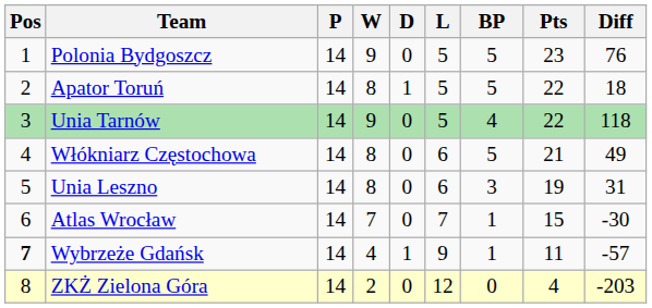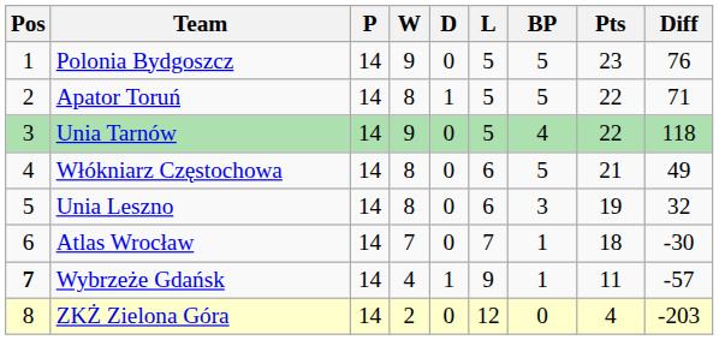 <table class="wikitable" style="font-size: 100%">
 <tr>
 <th width=20>Pos</th>
 <th width=200>Team</th>
 <th width=20>P</th>
 <th width=20>W</th>
 <th width=20>D</th>
 <th width=20>L</th>
 <th width=40>BP</th>
 <th width=40>Pts</th>
 <th width=40>Diff</th>
 </tr>
 <tr align=center>
 <td>1</td>
 <td align="left"><a href='#'>Polonia Bydgoszcz</a></td>
 <td>14</td>
 <td>9</td>
 <td>0</td>
 <td>5</td>
 <td>5</td>
 <td>23</td>
 <td>76</td>
 </tr>
 <tr align=center>
 <td>2</td>
 <td align="left"><a href='#'>Apator Toruń</a></td>
 <td>14</td>
 <td>8</td>
 <td>1</td>
 <td>5</td>
 <td>5</td>
 <td>22</td>
-<td>18</td>
+<td>71</td>
 </tr>
 <tr align=center style="background:#ACE1AF;">
 <td>3</td>
 <td align="left"><a href='#'>Unia Tarnów</a></td>
 <td>14</td>
 <td>9</td>
 <td>0</td>
 <td>5</td>
 <td>4</td>
 <td>22</td>
 <td>118</td>
 </tr>
 <tr align=center>
 <td>4</td>
 <td align="left"><a href='#'>Włókniarz Częstochowa</a></td>
 <td>14</td>
 <td>8</td>
 <td>0</td>
 <td>6</td>
 <td>5</td>
 <td>21</td>
 <td>49</td>
 </tr>
 <tr align=center>
 <td>5</td>
 <td align="left"><a href='#'>Unia Leszno</a></td>
 <td>14</td>
 <td>8</td>
 <td>0</td>
 <td>6</td>
 <td>3</td>
 <td>19</td>
-<td>31</td>
+<td>32</td>
 </tr>
 <tr align=center>
 <td>6</td>
 <td align="left"><a href='#'>Atlas Wrocław</a></td>
 <td>14</td>
 <td>7</td>
 <td>0</td>
 <td>7</td>
 <td>1</td>
-<td>15</td>
+<td>18</td>
 <td>-30</td>
 </tr>
 <tr align=center>
 <td><strong>7</strong></td>
 <td align="left"><a href='#'>Wybrzeże Gdańsk</a></td>
 <td>14</td>
 <td>4</td>
 <td>1</td>
 <td>9</td>
 <td>1</td>
 <td>11</td>
 <td>-57</td>
 </tr>
 <tr align=center style="background: #ffffcc;">
 <td>8</td>
 <td align="left"><a href='#'>ZKŻ Zielona Góra</a></td>
 <td>14</td>
 <td>2</td>
 <td>0</td>
 <td>12</td>
 <td>0</td>
 <td>4</td>
 <td>-203</td>
 </tr>
 </table>
